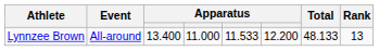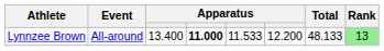 <table class="wikitable" style="font-size:90%">
 <tr>
 <th rowspan=2>Athlete</th>
 <th rowspan=2>Event</th>
 <th colspan=4>Apparatus</th>
 <th rowspan=2>Total</th>
 <th rowspan=2>Rank</th>
 </tr>
 <tr style="font-size:95%">
 <th></th>
 <th></th>
 <th></th>
 <th></th>
 </tr>
 <tr align=center>
 <td align=left><a href='#'>Lynnzee Brown</a></td>
 <td align=left><a href='#'>All-around</a></td>
 <td>13.400</td>
-<td>11.000</td>
+<td><strong>11.000</strong></td>
 <td>11.533</td>
 <td>12.200</td>
 <td>48.133</td>
-<td>13</td>
+<td style="background: lightgreen;">13</td>
 </tr>
 </table>
